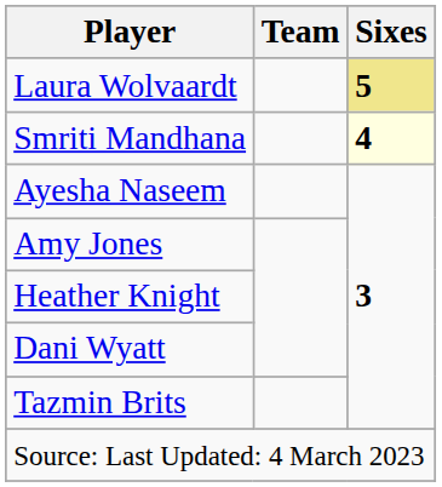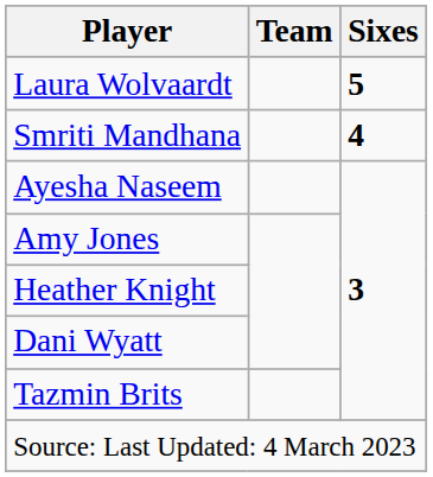 <table class="wikitable sortable" style="text-align:left">
 <tr>
 <th class="unsortable">Player</th>
 <th>Team</th>
 <th>Sixes</th>
 </tr>
 <tr>
 <td><a href='#'>Laura Wolvaardt</a></td>
 <td></td>
-<td style="background: khaki;"><strong>5</strong></td>
+<td><strong>5</strong></td>
 </tr>
 <tr>
 <td><a href='#'>Smriti Mandhana</a></td>
 <td></td>
-<td style="background: lightyellow;"><strong>4</strong></td>
+<td><strong>4</strong></td>
 </tr>
 <tr>
 <td><a href='#'>Ayesha Naseem</a></td>
 <td></td>
 <td rowspan=5><strong>3</strong></td>
 </tr>
 <tr>
 <td><a href='#'>Amy Jones</a></td>
 <td rowspan=3></td>
 </tr>
 <tr>
 <td><a href='#'>Heather Knight</a></td>
 </tr>
 <tr>
 <td><a href='#'>Dani Wyatt</a></td>
 </tr>
 <tr>
 <td><a href='#'>Tazmin Brits</a></td>
 <td></td>
 </tr>
 <tr>
 <td colspan=3><small>Source:  Last Updated: 4 March 2023</small></td>
 </tr>
 </table>
